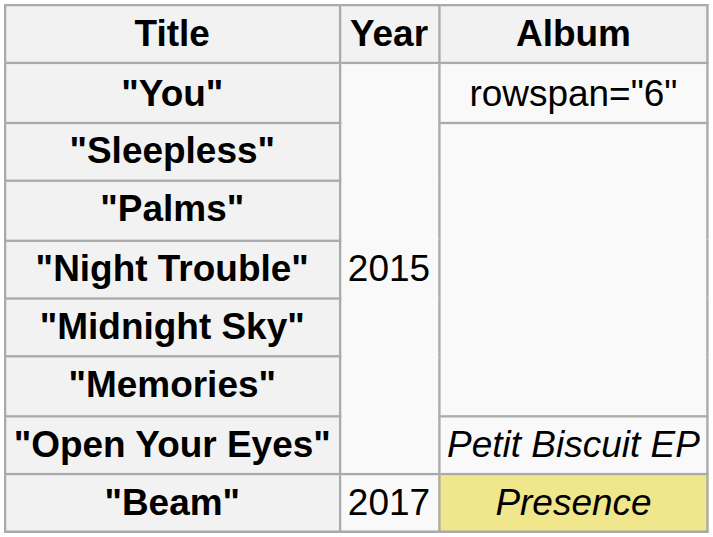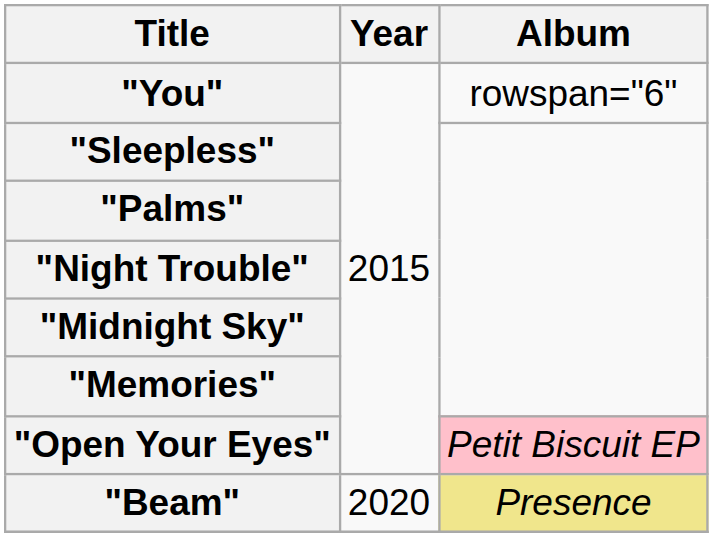 <table class="wikitable plainrowheaders" style="text-align:center;">
 <tr>
 <th scope="col">Title</th>
 <th scope="col">Year</th>
 <th scope="col">Album</th>
 </tr>
 <tr>
 <th scope="row">"You"</th>
 <td rowspan="7">2015</td>
 <td>rowspan="6" </td>
 </tr>
 <tr>
 <th scope="row">"Sleepless"</th>
 </tr>
 <tr>
 <th scope="row">"Palms"</th>
 </tr>
 <tr>
 <th scope="row">"Night Trouble"</th>
 </tr>
 <tr>
 <th scope="row">"Midnight Sky"</th>
 </tr>
 <tr>
 <th scope="row">"Memories"</th>
 </tr>
 <tr>
 <th scope="row">"Open Your Eyes"</th>
-<td><em>Petit Biscuit EP</em></td>
+<td style="background: pink;"><em>Petit Biscuit EP</em></td>
 </tr>
 <tr>
 <th scope="row">"Beam"</th>
-<td>2017</td>
+<td>2020</td>
 <td style="background: khaki;"><em>Presence</em></td>
 </tr>
 <tr>
 </tr>
 </table>
